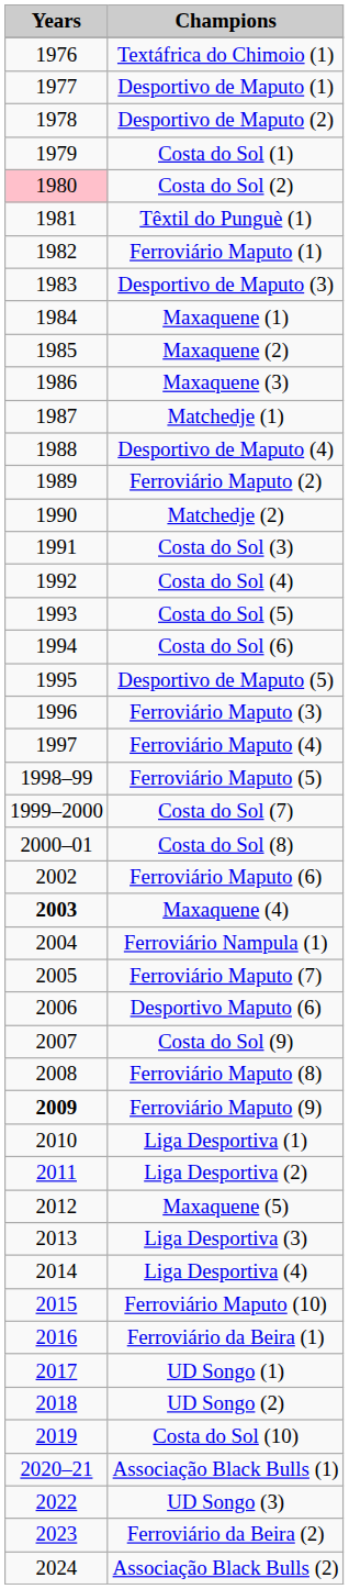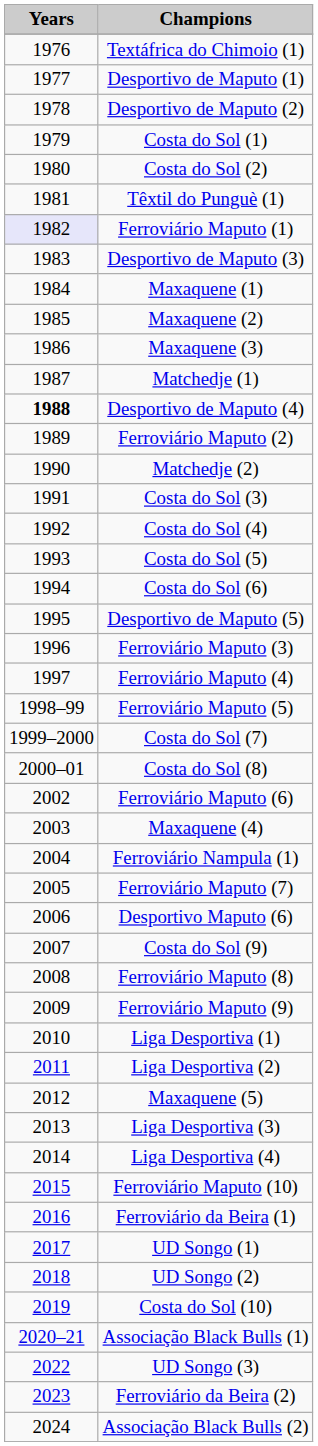 <table class="wikitable" style="text-align: center;">
 <tr bgcolor="#CCCCCC">
 <td><strong>Years</strong></td>
 <td><strong>Champions</strong></td>
 </tr>
 <tr bgcolor="#EFEFEF">
 </tr>
 <tr>
 <td>1976</td>
 <td><a href='#'>Textáfrica do Chimoio</a> (1)</td>
 </tr>
 <tr>
 <td>1977</td>
 <td><a href='#'>Desportivo de Maputo</a> (1)</td>
 </tr>
 <tr>
 <td>1978</td>
 <td><a href='#'>Desportivo de Maputo</a> (2)</td>
 </tr>
 <tr>
 <td>1979</td>
 <td><a href='#'>Costa do Sol</a> (1)</td>
 </tr>
 <tr>
-<td style="background: pink;">1980</td>
+<td>1980</td>
 <td><a href='#'>Costa do Sol</a> (2)</td>
 </tr>
 <tr>
 <td>1981</td>
 <td><a href='#'>Têxtil do Punguè</a> (1)</td>
 </tr>
 <tr>
-<td>1982</td>
+<td style="background: lavender;">1982</td>
 <td><a href='#'>Ferroviário Maputo</a> (1)</td>
 </tr>
 <tr>
 <td>1983</td>
 <td><a href='#'>Desportivo de Maputo</a> (3)</td>
 </tr>
 <tr>
 <td>1984</td>
 <td><a href='#'>Maxaquene</a> (1)</td>
 </tr>
 <tr>
 <td>1985</td>
 <td><a href='#'>Maxaquene</a> (2)</td>
 </tr>
 <tr>
 <td>1986</td>
 <td><a href='#'>Maxaquene</a> (3)</td>
 </tr>
 <tr>
 <td>1987</td>
 <td><a href='#'>Matchedje</a> (1)</td>
 </tr>
 <tr>
-<td>1988</td>
+<td><strong>1988</strong></td>
 <td><a href='#'>Desportivo de Maputo</a> (4)</td>
 </tr>
 <tr>
 <td>1989</td>
 <td><a href='#'>Ferroviário Maputo</a> (2)</td>
 </tr>
 <tr>
 <td>1990</td>
 <td><a href='#'>Matchedje</a> (2)</td>
 </tr>
 <tr>
 <td>1991</td>
 <td><a href='#'>Costa do Sol</a> (3)</td>
 </tr>
 <tr>
 <td>1992</td>
 <td><a href='#'>Costa do Sol</a> (4)</td>
 </tr>
 <tr>
 <td>1993</td>
 <td><a href='#'>Costa do Sol</a> (5)</td>
 </tr>
 <tr>
 <td>1994</td>
 <td><a href='#'>Costa do Sol</a> (6)</td>
 </tr>
 <tr>
 <td>1995</td>
 <td><a href='#'>Desportivo de Maputo</a> (5)</td>
 </tr>
 <tr>
 <td>1996</td>
 <td><a href='#'>Ferroviário Maputo</a> (3)</td>
 </tr>
 <tr>
 <td>1997</td>
 <td><a href='#'>Ferroviário Maputo</a> (4)</td>
 </tr>
 <tr>
 <td>1998–99</td>
 <td><a href='#'>Ferroviário Maputo</a> (5)</td>
 </tr>
 <tr>
 <td>1999–2000</td>
 <td><a href='#'>Costa do Sol</a> (7)</td>
 </tr>
 <tr>
 <td>2000–01</td>
 <td><a href='#'>Costa do Sol</a> (8)</td>
 </tr>
 <tr>
 <td>2002</td>
 <td><a href='#'>Ferroviário Maputo</a> (6)</td>
 </tr>
 <tr>
-<td><strong>2003</strong></td>
+<td>2003</td>
 <td><a href='#'>Maxaquene</a> (4)</td>
 </tr>
 <tr>
 <td>2004</td>
 <td><a href='#'>Ferroviário Nampula</a> (1)</td>
 </tr>
 <tr>
 <td>2005</td>
 <td><a href='#'>Ferroviário Maputo</a> (7)</td>
 </tr>
 <tr>
 <td>2006</td>
 <td><a href='#'>Desportivo Maputo</a> (6)</td>
 </tr>
 <tr>
 <td>2007</td>
 <td><a href='#'>Costa do Sol</a> (9)</td>
 </tr>
 <tr>
 <td>2008</td>
 <td><a href='#'>Ferroviário Maputo</a> (8)</td>
 </tr>
 <tr>
-<td><strong>2009</strong></td>
+<td>2009</td>
 <td><a href='#'>Ferroviário Maputo</a> (9)</td>
 </tr>
 <tr>
 <td>2010</td>
 <td><a href='#'>Liga Desportiva</a> (1)</td>
 </tr>
 <tr>
 <td><a href='#'>2011</a></td>
 <td><a href='#'>Liga Desportiva</a> (2)</td>
 </tr>
 <tr>
 <td>2012</td>
 <td><a href='#'>Maxaquene</a> (5)</td>
 </tr>
 <tr>
 <td>2013</td>
 <td><a href='#'>Liga Desportiva</a> (3)</td>
 </tr>
 <tr>
 <td>2014</td>
 <td><a href='#'>Liga Desportiva</a> (4)</td>
 </tr>
 <tr>
 <td><a href='#'>2015</a></td>
 <td><a href='#'>Ferroviário Maputo</a> (10)</td>
 </tr>
 <tr>
 <td><a href='#'>2016</a></td>
 <td><a href='#'>Ferroviário da Beira</a> (1)</td>
 </tr>
 <tr>
 <td><a href='#'>2017</a></td>
 <td><a href='#'>UD Songo</a> (1)</td>
 </tr>
 <tr>
 <td><a href='#'>2018</a></td>
 <td><a href='#'>UD Songo</a> (2)</td>
 </tr>
 <tr>
 <td><a href='#'>2019</a></td>
 <td><a href='#'>Costa do Sol</a> (10)</td>
 </tr>
 <tr>
 <td><a href='#'>2020–21</a></td>
 <td><a href='#'>Associação Black Bulls</a> (1)</td>
 </tr>
 <tr>
 <td><a href='#'>2022</a></td>
 <td><a href='#'>UD Songo</a> (3)</td>
 </tr>
 <tr>
 <td><a href='#'>2023</a></td>
 <td><a href='#'>Ferroviário da Beira</a> (2)</td>
 </tr>
 <tr>
 <td>2024</td>
 <td><a href='#'>Associação Black Bulls</a> (2)</td>
 </tr>
 <tr>
 </tr>
 </table>
